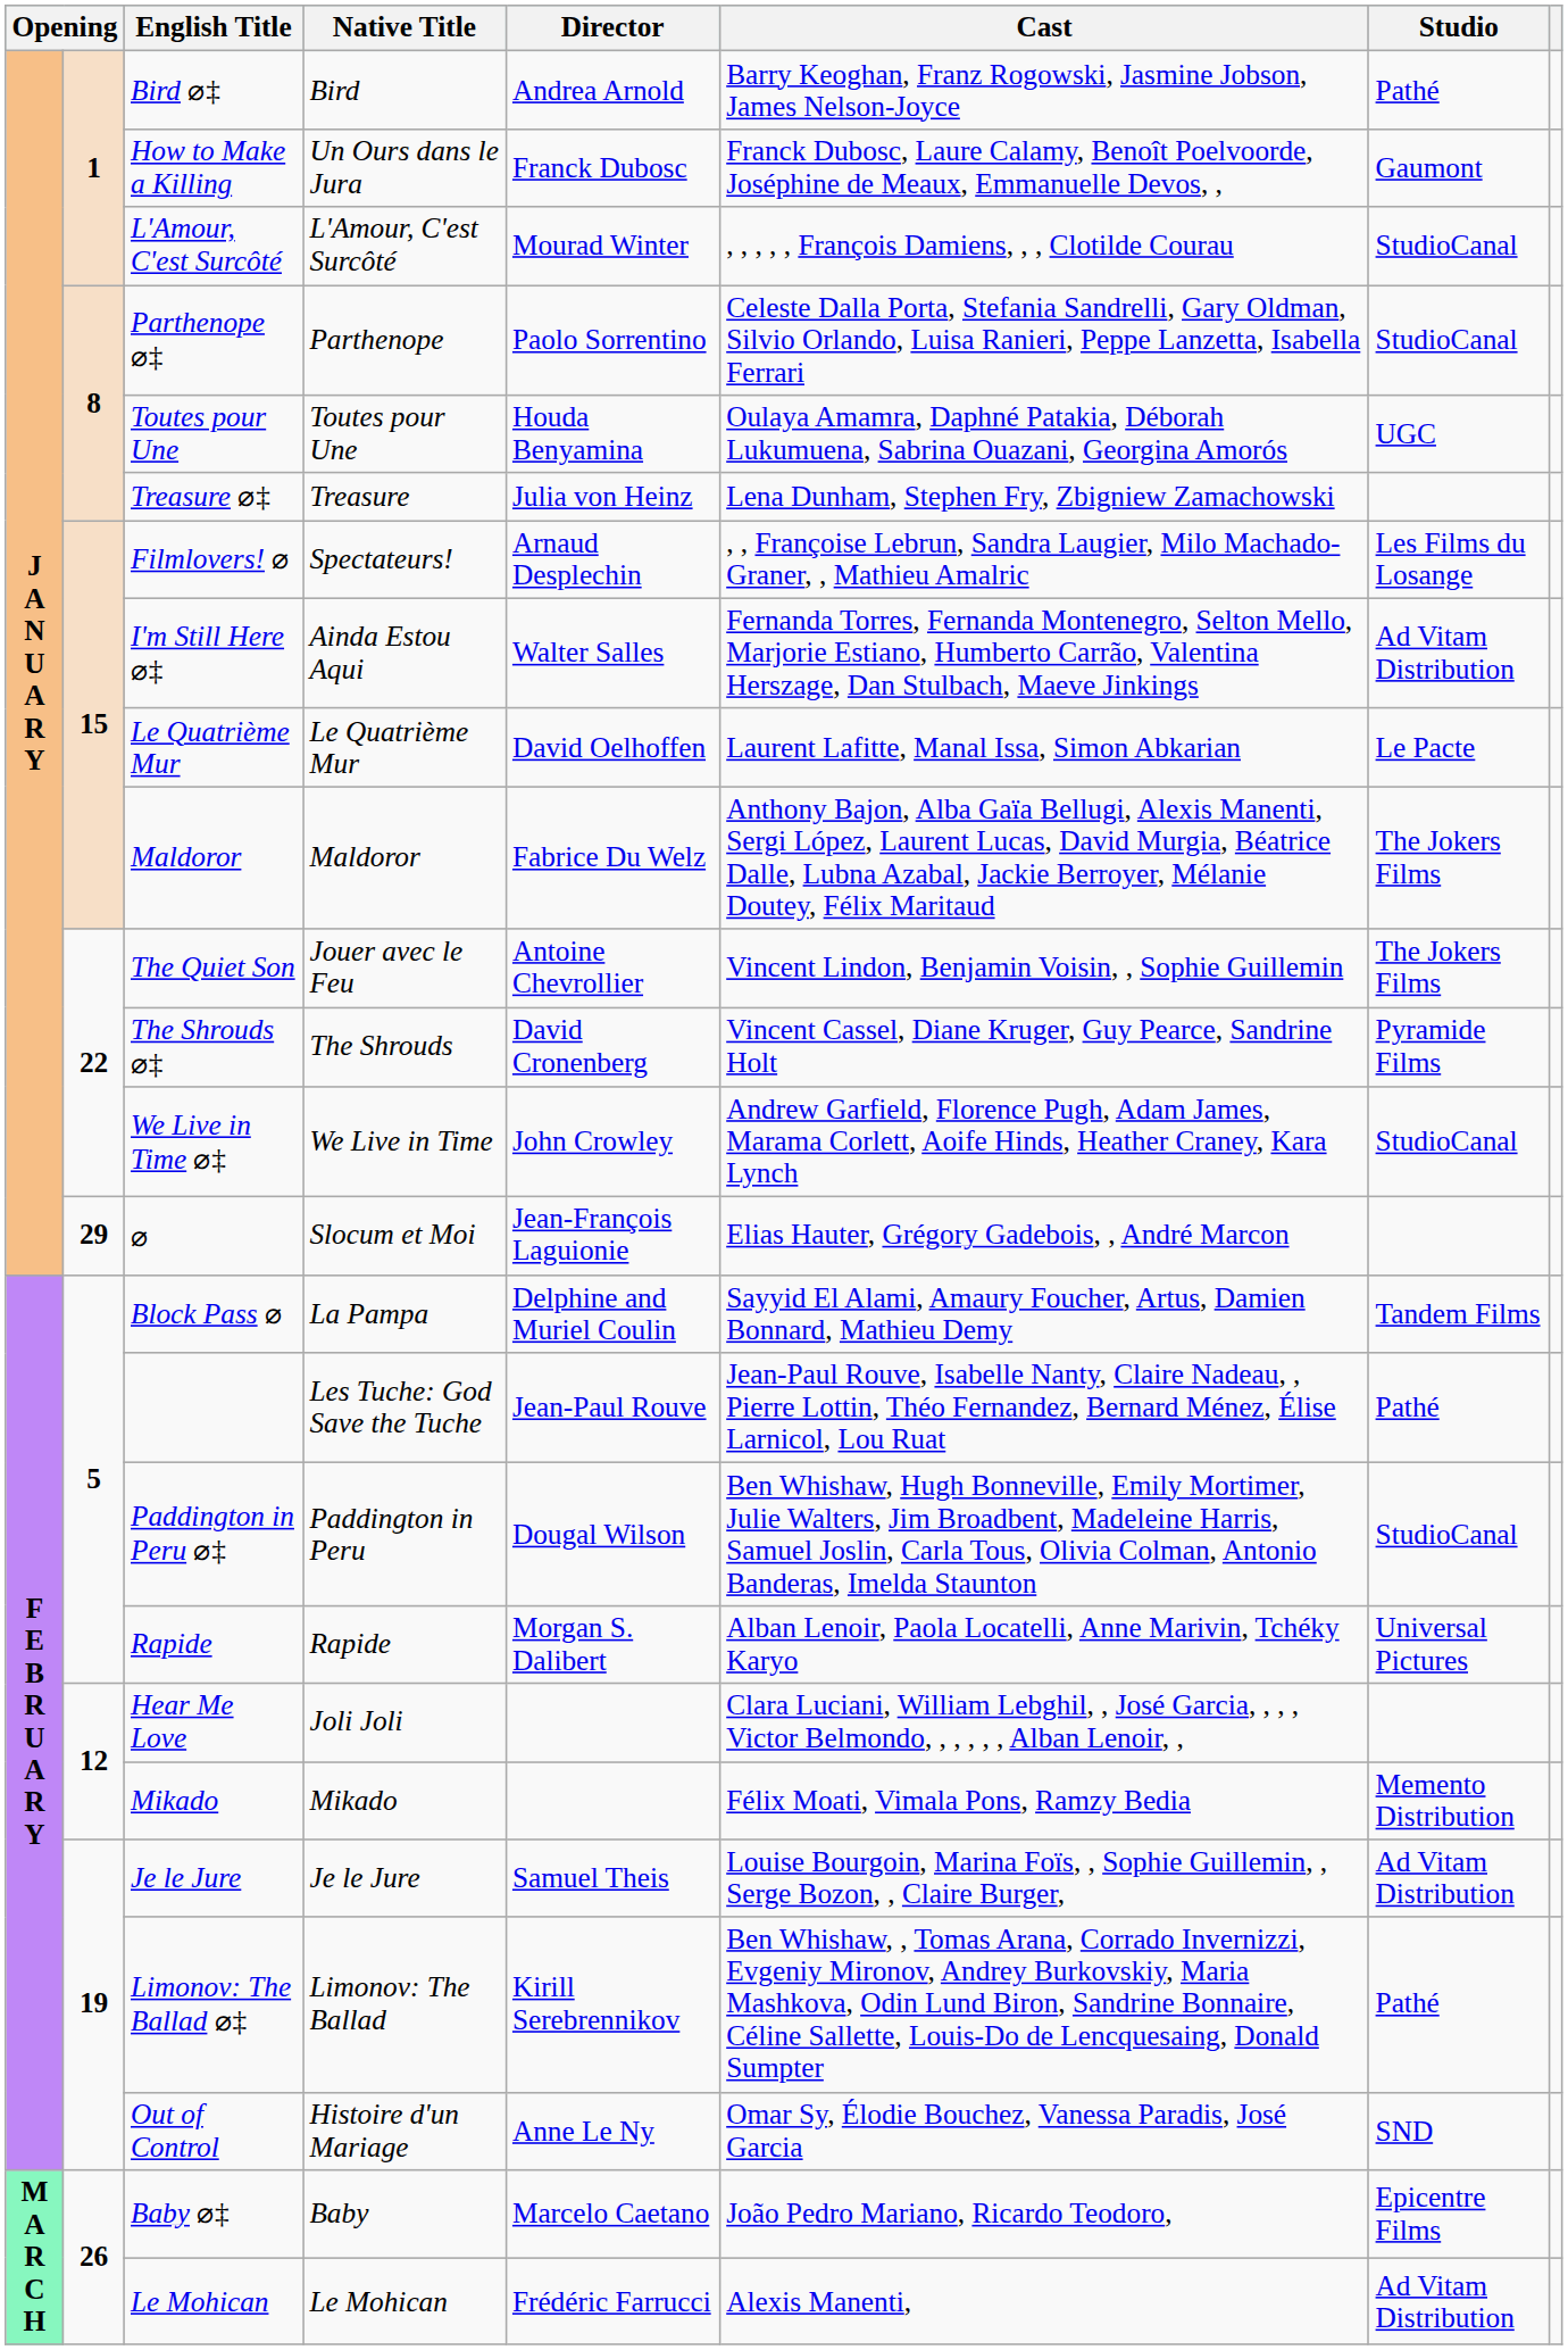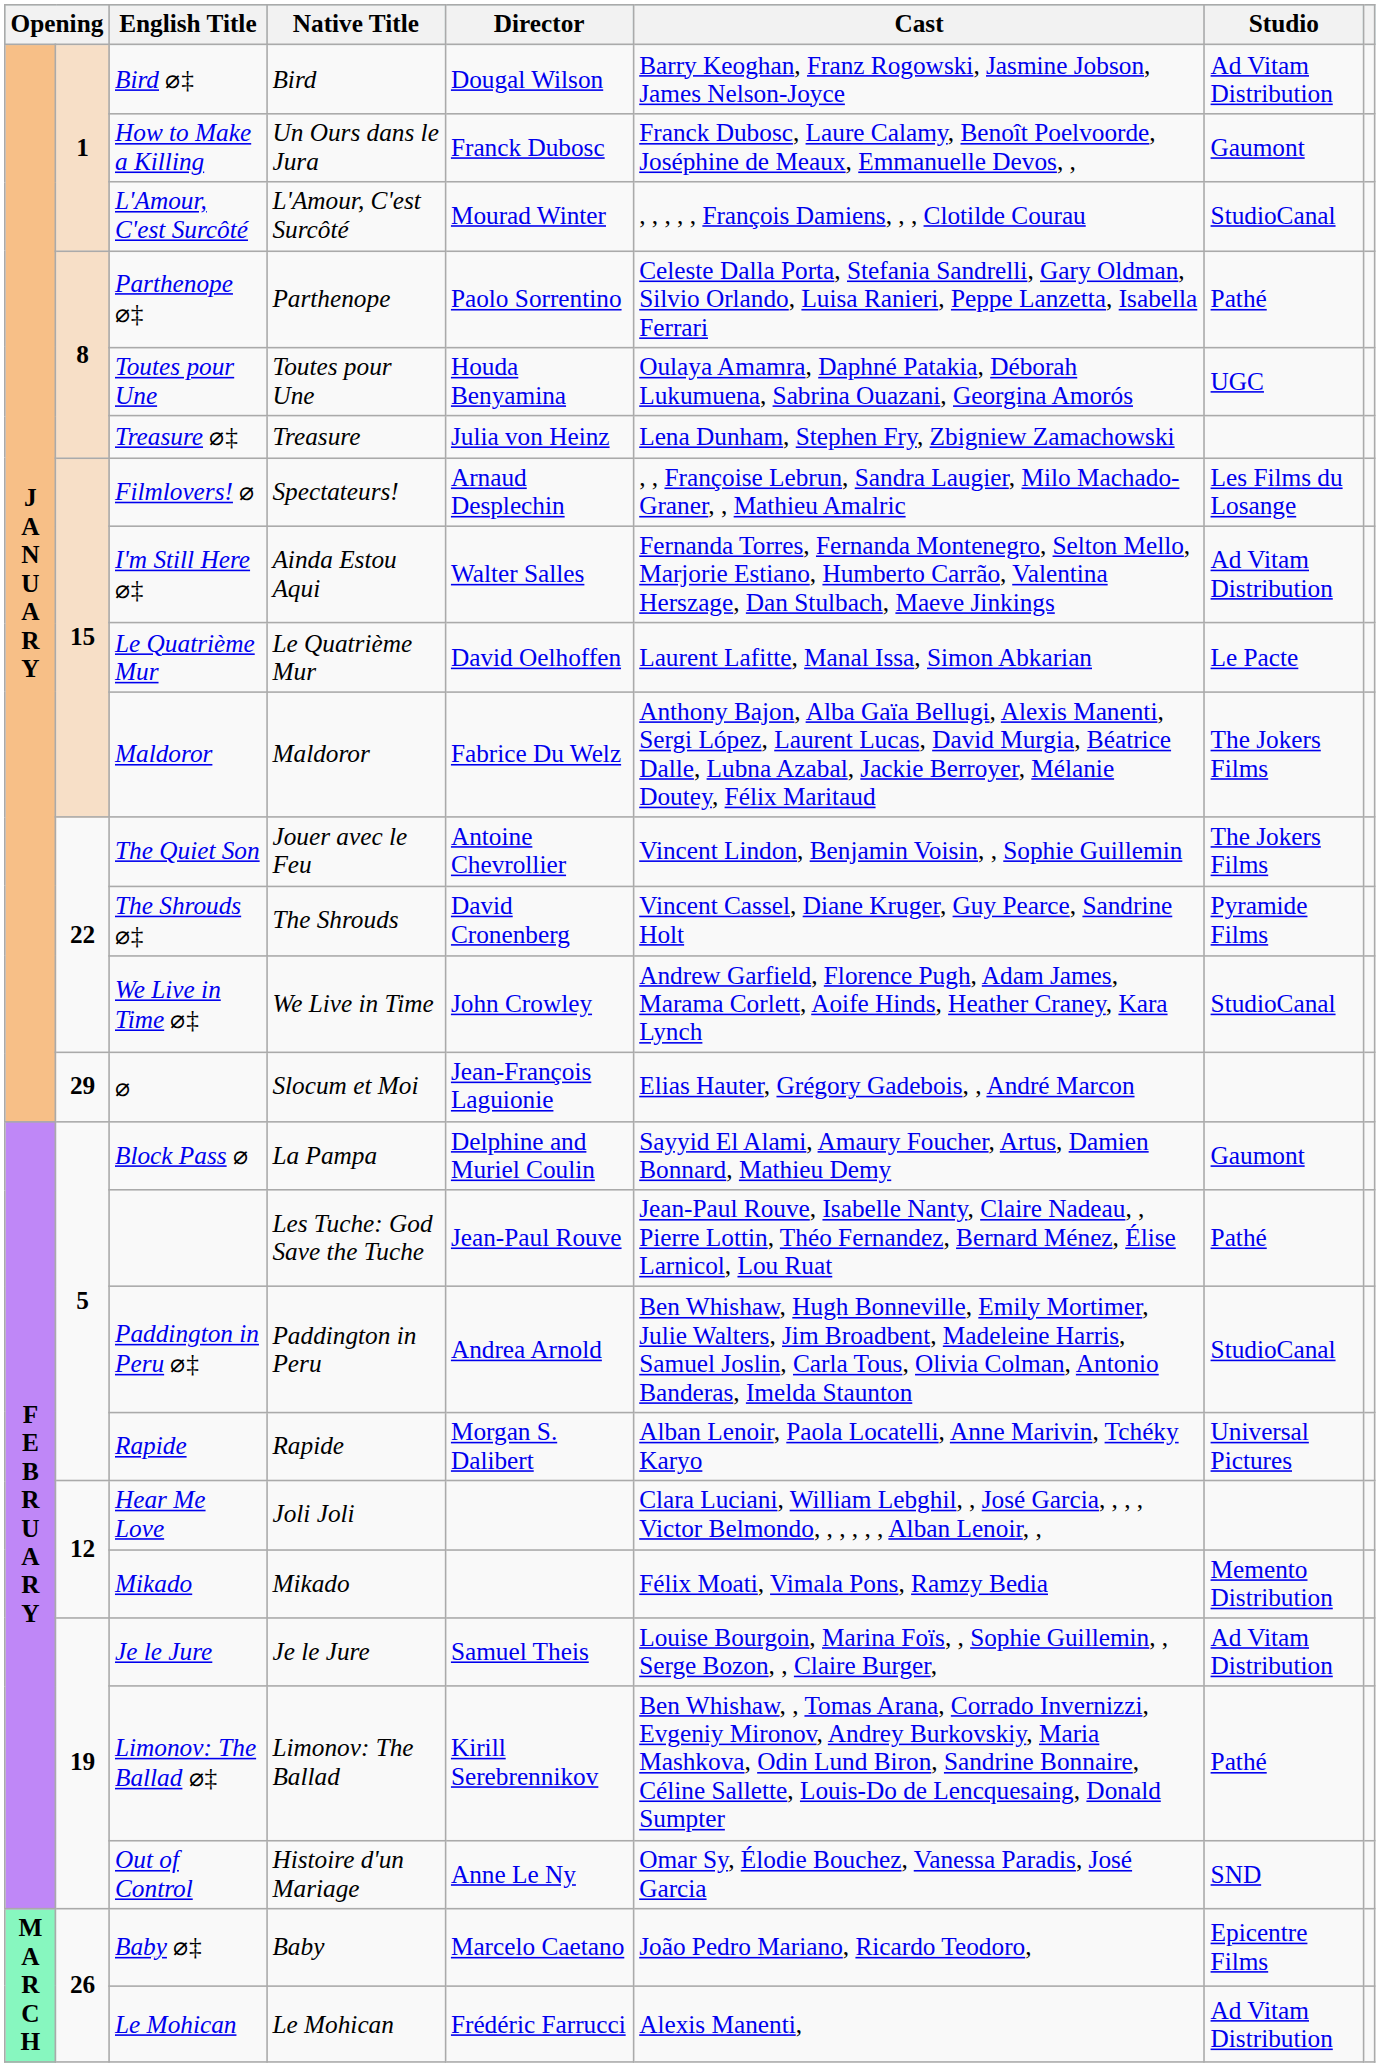 <table class="wikitable sortable">
 <tr style="background:#b0e0e6; text-align:center;">
 <th colspan="2">Opening</th>
 <th>English Title</th>
 <th>Native Title</th>
 <th>Director</th>
 <th>Cast</th>
 <th>Studio</th>
 <th></th>
 </tr>
 <tr>
 <th rowspan="14" style="text-align:center; background:#f7bf87; ">J<br>A<br>N<br>U<br>A<br>R<br>Y</th>
 <td rowspan="3" style="text-align:center; background:#f7dfc7"><strong>1</strong></td>
 <td><em><a href='#'>Bird</a></em> ⌀‡</td>
 <td><em>Bird</em></td>
-<td><a href='#'>Andrea Arnold</a></td>
+<td><a href='#'>Dougal Wilson</a></td>
 <td><a href='#'>Barry Keoghan</a>, <a href='#'>Franz Rogowski</a>, <a href='#'>Jasmine Jobson</a>, <a href='#'>James Nelson-Joyce</a></td>
-<td><a href='#'>Pathé</a></td>
+<td><a href='#'>Ad Vitam Distribution</a></td>
 <td></td>
 </tr>
 <tr>
 <td><em><a href='#'>How to Make a Killing</a></em></td>
 <td><em>Un Ours dans le Jura</em></td>
 <td><a href='#'>Franck Dubosc</a></td>
 <td><a href='#'>Franck Dubosc</a>, <a href='#'>Laure Calamy</a>, <a href='#'>Benoît Poelvoorde</a>, <a href='#'>Joséphine de Meaux</a>, <a href='#'>Emmanuelle Devos</a>, , </td>
 <td><a href='#'>Gaumont</a></td>
 <td></td>
 </tr>
 <tr>
 <td><em><a href='#'>L'Amour, C'est Surcôté</a></em></td>
 <td><em>L'Amour, C'est Surcôté</em></td>
 <td><a href='#'>Mourad Winter</a></td>
 <td>, , , , , <a href='#'>François Damiens</a>, , , <a href='#'>Clotilde Courau</a></td>
 <td><a href='#'>StudioCanal</a></td>
 <td></td>
 </tr>
 <tr>
 <td rowspan="3" style="text-align:center; background:#f7dfc7"><strong>8</strong></td>
 <td><em><a href='#'>Parthenope</a></em> ⌀‡</td>
 <td><em>Parthenope</em></td>
 <td><a href='#'>Paolo Sorrentino</a></td>
 <td><a href='#'>Celeste Dalla Porta</a>, <a href='#'>Stefania Sandrelli</a>, <a href='#'>Gary Oldman</a>, <a href='#'>Silvio Orlando</a>, <a href='#'>Luisa Ranieri</a>, <a href='#'>Peppe Lanzetta</a>, <a href='#'>Isabella Ferrari</a></td>
-<td><a href='#'>StudioCanal</a></td>
+<td><a href='#'>Pathé</a></td>
 <td></td>
 </tr>
 <tr>
 <td><em><a href='#'>Toutes pour Une</a></em></td>
 <td><em>Toutes pour Une</em></td>
 <td><a href='#'>Houda Benyamina</a></td>
 <td><a href='#'>Oulaya Amamra</a>, <a href='#'>Daphné Patakia</a>, <a href='#'>Déborah Lukumuena</a>, <a href='#'>Sabrina Ouazani</a>, <a href='#'>Georgina Amorós</a></td>
 <td><a href='#'>UGC</a></td>
 <td></td>
 </tr>
 <tr>
 <td><em><a href='#'>Treasure</a></em> ⌀‡</td>
 <td><em>Treasure</em></td>
 <td><a href='#'>Julia von Heinz</a></td>
 <td><a href='#'>Lena Dunham</a>, <a href='#'>Stephen Fry</a>, <a href='#'>Zbigniew Zamachowski</a></td>
 <td></td>
 <td></td>
 </tr>
 <tr>
 <td rowspan="4" style="text-align:center; background:#f7dfc7"><strong>15</strong></td>
 <td><em><a href='#'>Filmlovers!</a></em> ⌀</td>
 <td><em>Spectateurs!</em></td>
 <td><a href='#'>Arnaud Desplechin</a></td>
 <td>, , <a href='#'>Françoise Lebrun</a>, <a href='#'>Sandra Laugier</a>, <a href='#'>Milo Machado-Graner</a>, , <a href='#'>Mathieu Amalric</a></td>
 <td><a href='#'>Les Films du Losange</a></td>
 <td></td>
 </tr>
 <tr>
 <td><em><a href='#'>I'm Still Here</a></em> ⌀‡</td>
 <td><em>Ainda Estou Aqui</em></td>
 <td><a href='#'>Walter Salles</a></td>
 <td><a href='#'>Fernanda Torres</a>, <a href='#'>Fernanda Montenegro</a>, <a href='#'>Selton Mello</a>, <a href='#'>Marjorie Estiano</a>, <a href='#'>Humberto Carrão</a>, <a href='#'>Valentina Herszage</a>, <a href='#'>Dan Stulbach</a>, <a href='#'>Maeve Jinkings</a></td>
 <td><a href='#'>Ad Vitam Distribution</a></td>
 <td></td>
 </tr>
 <tr>
 <td><em><a href='#'>Le Quatrième Mur</a></em></td>
 <td><em>Le Quatrième Mur</em></td>
 <td><a href='#'>David Oelhoffen</a></td>
 <td><a href='#'>Laurent Lafitte</a>, <a href='#'>Manal Issa</a>, <a href='#'>Simon Abkarian</a></td>
 <td><a href='#'>Le Pacte</a></td>
 <td></td>
 </tr>
 <tr>
 <td><em><a href='#'>Maldoror</a></em></td>
 <td><em>Maldoror</em></td>
 <td><a href='#'>Fabrice Du Welz</a></td>
 <td><a href='#'>Anthony Bajon</a>, <a href='#'>Alba Gaïa Bellugi</a>, <a href='#'>Alexis Manenti</a>, <a href='#'>Sergi López</a>, <a href='#'>Laurent Lucas</a>, <a href='#'>David Murgia</a>, <a href='#'>Béatrice Dalle</a>, <a href='#'>Lubna Azabal</a>, <a href='#'>Jackie Berroyer</a>, <a href='#'>Mélanie Doutey</a>, <a href='#'>Félix Maritaud</a></td>
 <td><a href='#'>The Jokers Films</a></td>
 <td></td>
 </tr>
 <tr>
 <td rowspan="3" style="text-align:center;"><strong>22</strong></td>
 <td><em><a href='#'>The Quiet Son</a></em></td>
 <td><em> Jouer avec le Feu</em></td>
 <td><a href='#'>Antoine Chevrollier</a></td>
 <td><a href='#'>Vincent Lindon</a>, <a href='#'>Benjamin Voisin</a>, , <a href='#'>Sophie Guillemin</a></td>
 <td><a href='#'>The Jokers Films</a></td>
 <td></td>
 </tr>
 <tr>
 <td><em><a href='#'>The Shrouds</a></em> ⌀‡</td>
 <td><em>The Shrouds</em></td>
 <td><a href='#'>David Cronenberg</a></td>
 <td><a href='#'>Vincent Cassel</a>, <a href='#'>Diane Kruger</a>, <a href='#'>Guy Pearce</a>, <a href='#'>Sandrine Holt</a></td>
 <td><a href='#'>Pyramide Films</a></td>
 <td></td>
 </tr>
 <tr>
 <td><em><a href='#'>We Live in Time</a></em> ⌀‡</td>
 <td><em>We Live in Time</em></td>
 <td><a href='#'>John Crowley</a></td>
 <td><a href='#'>Andrew Garfield</a>, <a href='#'>Florence Pugh</a>, <a href='#'>Adam James</a>, <a href='#'>Marama Corlett</a>, <a href='#'>Aoife Hinds</a>, <a href='#'>Heather Craney</a>, <a href='#'>Kara Lynch</a></td>
 <td><a href='#'>StudioCanal</a></td>
 <td></td>
 </tr>
 <tr>
 <td rowspan="1" style="text-align:center;"><strong>29</strong></td>
 <td><em></em> ⌀</td>
 <td><em>Slocum et Moi</em></td>
 <td><a href='#'>Jean-François Laguionie</a></td>
 <td><a href='#'>Elias Hauter</a>, <a href='#'>Grégory Gadebois</a>, , <a href='#'>André Marcon</a></td>
 <td></td>
 <td></td>
 </tr>
 <tr>
 <th rowspan="9" style="text-align:center; background:#bf87f7; textcolor:#000;">F<br>E<br>B<br>R<br>U<br>A<br>R<br>Y</th>
 <td rowspan="4" style="text-align:center;"><strong>5</strong></td>
 <td><em><a href='#'>Block Pass</a></em> ⌀</td>
 <td><em>La Pampa</em></td>
 <td><a href='#'>Delphine and Muriel Coulin</a></td>
 <td><a href='#'>Sayyid El Alami</a>, <a href='#'>Amaury Foucher</a>, <a href='#'>Artus</a>, <a href='#'>Damien Bonnard</a>, <a href='#'>Mathieu Demy</a></td>
-<td><a href='#'>Tandem Films</a></td>
+<td><a href='#'>Gaumont</a></td>
 <td></td>
 </tr>
 <tr>
 <td><em></em></td>
 <td><em>Les Tuche: God Save the Tuche</em></td>
 <td><a href='#'>Jean-Paul Rouve</a></td>
 <td><a href='#'>Jean-Paul Rouve</a>, <a href='#'>Isabelle Nanty</a>, <a href='#'>Claire Nadeau</a>, , <a href='#'>Pierre Lottin</a>, <a href='#'>Théo Fernandez</a>, <a href='#'>Bernard Ménez</a>, <a href='#'>Élise Larnicol</a>, <a href='#'>Lou Ruat</a></td>
 <td><a href='#'>Pathé</a></td>
 <td></td>
 </tr>
 <tr>
 <td><em><a href='#'>Paddington in Peru</a></em> ⌀‡</td>
 <td><em>Paddington in Peru</em></td>
-<td><a href='#'>Dougal Wilson</a></td>
+<td><a href='#'>Andrea Arnold</a></td>
 <td><a href='#'>Ben Whishaw</a>, <a href='#'>Hugh Bonneville</a>, <a href='#'>Emily Mortimer</a>, <a href='#'>Julie Walters</a>, <a href='#'>Jim Broadbent</a>, <a href='#'>Madeleine Harris</a>, <a href='#'>Samuel Joslin</a>, <a href='#'>Carla Tous</a>, <a href='#'>Olivia Colman</a>, <a href='#'>Antonio Banderas</a>, <a href='#'>Imelda Staunton</a></td>
 <td><a href='#'>StudioCanal</a></td>
 <td></td>
 </tr>
 <tr>
 <td><em><a href='#'>Rapide</a></em></td>
 <td><em>Rapide</em></td>
 <td><a href='#'>Morgan S. Dalibert</a></td>
 <td><a href='#'>Alban Lenoir</a>, <a href='#'>Paola Locatelli</a>, <a href='#'>Anne Marivin</a>, <a href='#'>Tchéky Karyo</a></td>
 <td><a href='#'>Universal Pictures</a></td>
 <td></td>
 </tr>
 <tr>
 <td rowspan="2" style="text-align:center;"><strong>12</strong></td>
 <td><em><a href='#'>Hear Me Love</a></em></td>
 <td><em>Joli Joli</em></td>
 <td></td>
 <td><a href='#'>Clara Luciani</a>, <a href='#'>William Lebghil</a>, , <a href='#'>José Garcia</a>, , , , <a href='#'>Victor Belmondo</a>, , , , , , <a href='#'>Alban Lenoir</a>, , </td>
 <td></td>
 <td></td>
 </tr>
 <tr>
 <td><em><a href='#'>Mikado</a></em></td>
 <td><em>Mikado</em></td>
 <td></td>
 <td><a href='#'>Félix Moati</a>, <a href='#'>Vimala Pons</a>, <a href='#'>Ramzy Bedia</a></td>
 <td><a href='#'>Memento Distribution</a></td>
 <td></td>
 </tr>
 <tr>
 <td rowspan="3" style="text-align:center;"><strong>19</strong></td>
 <td><em><a href='#'>Je le Jure</a></em></td>
 <td><em>Je le Jure</em></td>
 <td><a href='#'>Samuel Theis</a></td>
 <td><a href='#'>Louise Bourgoin</a>, <a href='#'>Marina Foïs</a>, , <a href='#'>Sophie Guillemin</a>, , <a href='#'>Serge Bozon</a>, , <a href='#'>Claire Burger</a>, </td>
 <td><a href='#'>Ad Vitam Distribution</a></td>
 <td></td>
 </tr>
 <tr>
 <td><em><a href='#'>Limonov: The Ballad</a></em> ⌀‡</td>
 <td><em>Limonov: The Ballad</em></td>
 <td><a href='#'>Kirill Serebrennikov</a></td>
 <td><a href='#'>Ben Whishaw</a>, , <a href='#'>Tomas Arana</a>, <a href='#'>Corrado Invernizzi</a>, <a href='#'>Evgeniy Mironov</a>, <a href='#'>Andrey Burkovskiy</a>, <a href='#'>Maria Mashkova</a>, <a href='#'>Odin Lund Biron</a>, <a href='#'>Sandrine Bonnaire</a>, <a href='#'>Céline Sallette</a>, <a href='#'>Louis-Do de Lencquesaing</a>, <a href='#'>Donald Sumpter</a></td>
 <td><a href='#'>Pathé</a></td>
 <td></td>
 </tr>
 <tr>
 <td><em><a href='#'>Out of Control</a></em></td>
 <td><em>Histoire d'un Mariage</em></td>
 <td><a href='#'>Anne Le Ny</a></td>
 <td><a href='#'>Omar Sy</a>, <a href='#'>Élodie Bouchez</a>, <a href='#'>Vanessa Paradis</a>, <a href='#'>José Garcia</a></td>
 <td><a href='#'>SND</a></td>
 <td></td>
 </tr>
 <tr>
 <th rowspan="2" style="text-align:center; background:#87f7bf; textcolor:#000;">M<br>A<br>R<br>C<br>H</th>
 <td rowspan="2" style="text-align:center;"><strong>26</strong></td>
 <td><em><a href='#'>Baby</a></em> ⌀‡</td>
 <td><em>Baby</em></td>
 <td><a href='#'>Marcelo Caetano</a></td>
 <td><a href='#'>João Pedro Mariano</a>, <a href='#'>Ricardo Teodoro</a>, </td>
 <td><a href='#'>Epicentre Films</a></td>
 <td></td>
 </tr>
 <tr>
 <td><em><a href='#'>Le Mohican</a></em></td>
 <td><em>Le Mohican</em></td>
 <td><a href='#'>Frédéric Farrucci</a></td>
 <td><a href='#'>Alexis Manenti</a>, </td>
 <td><a href='#'>Ad Vitam Distribution</a></td>
 <td></td>
 </tr>
 </table>
